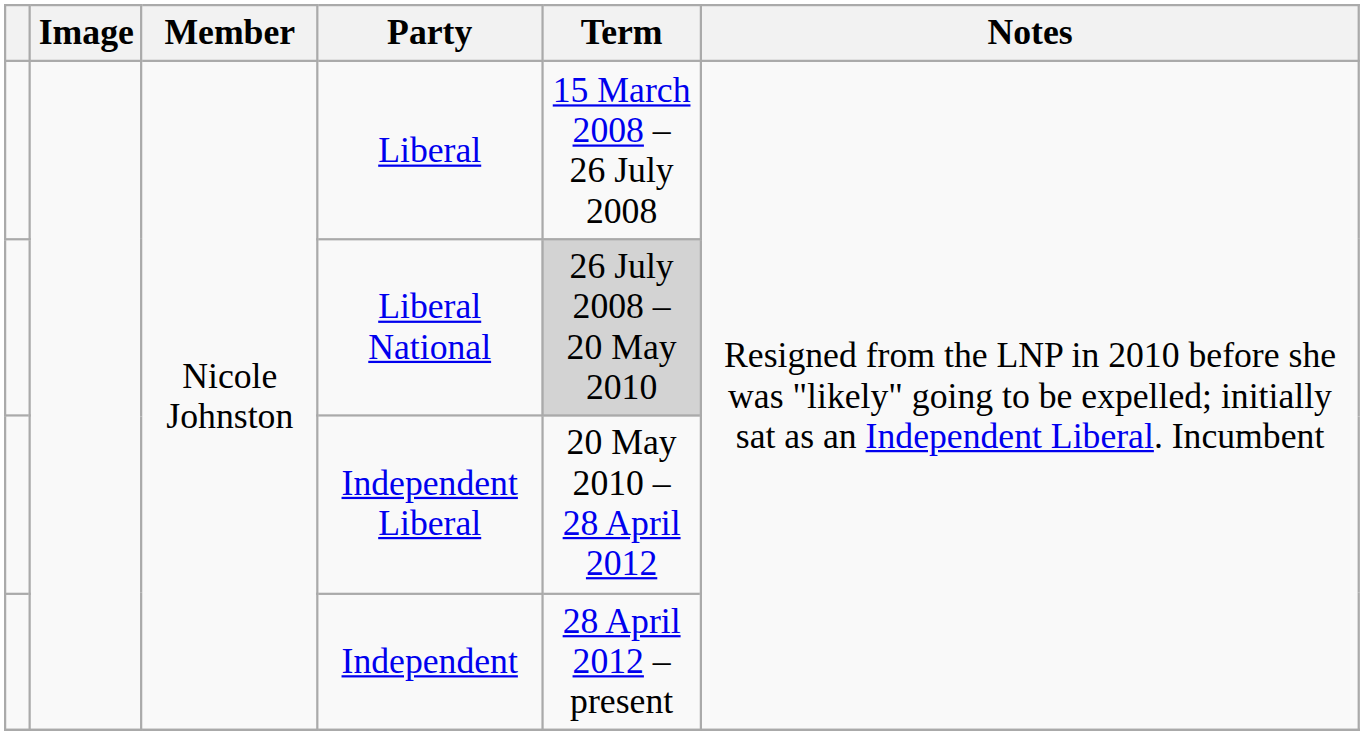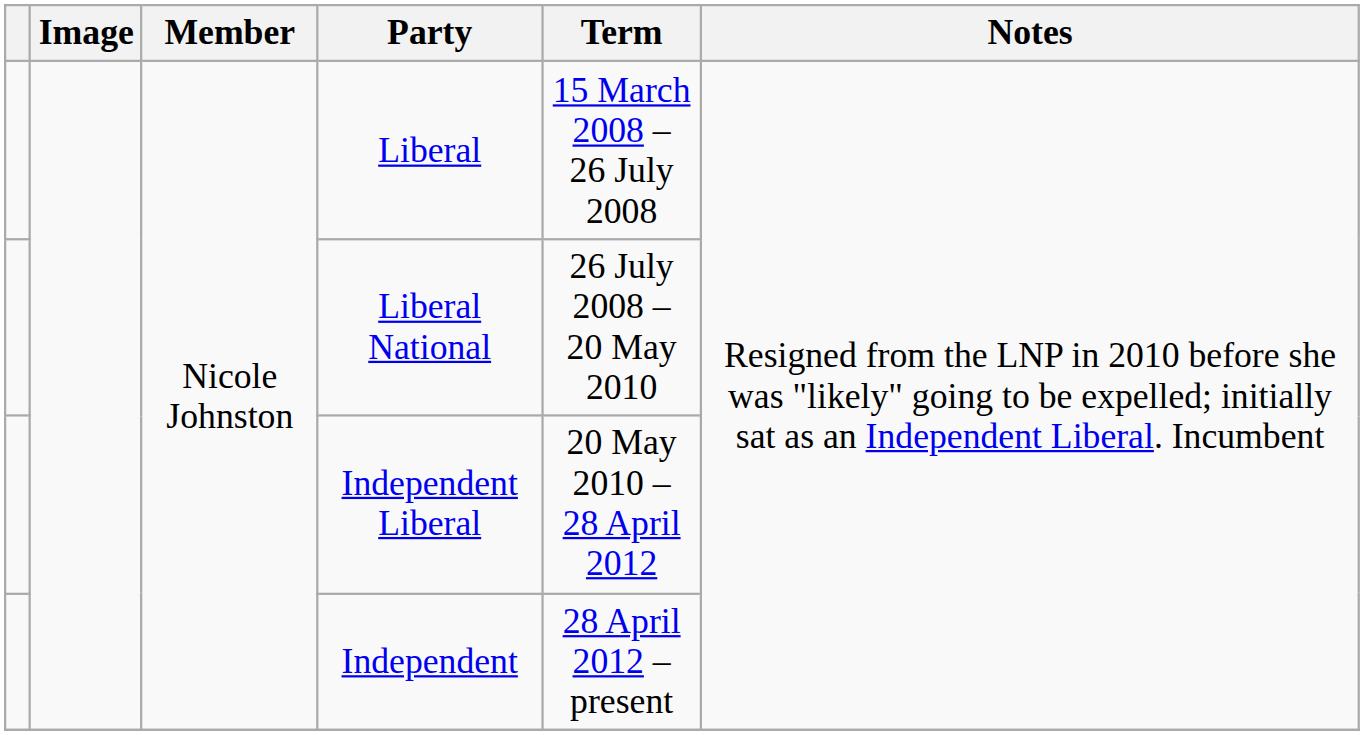 <table class="wikitable" style="text-align:center">
 <tr>
 <th></th>
 <th>Image</th>
 <th>Member</th>
 <th>Party</th>
 <th>Term</th>
 <th>Notes</th>
 </tr>
 <tr>
 <td> </td>
 <td rowspan="4"></td>
 <td rowspan="4">Nicole Johnston</td>
 <td><a href='#'>Liberal</a></td>
 <td><a href='#'>15 March 2008</a>  –<br> 26 July 2008</td>
 <td rowspan="4">Resigned from the LNP in 2010 before she was "likely" going to be expelled; initially sat as an <a href='#'>Independent Liberal</a>. Incumbent</td>
 </tr>
 <tr>
 <td> </td>
 <td><a href='#'>Liberal National</a></td>
-<td style="background: lightgrey;">26 July 2008 –<br>20 May 2010</td>
+<td>26 July 2008 –<br>20 May 2010</td>
 </tr>
 <tr>
 <td> </td>
 <td><a href='#'>Independent Liberal</a></td>
 <td>20 May 2010 –<br> <a href='#'>28 April 2012</a></td>
 </tr>
 <tr>
 <td> </td>
 <td><a href='#'>Independent</a></td>
 <td><a href='#'>28 April 2012</a> –<br> present</td>
 </tr>
 <tr>
 </tr>
 </table>
